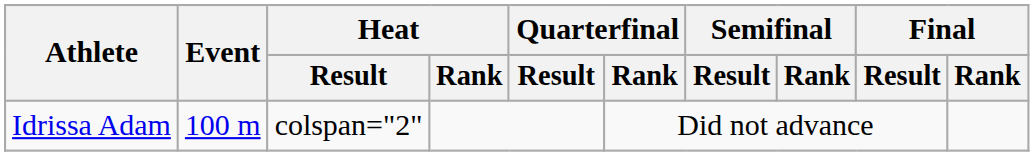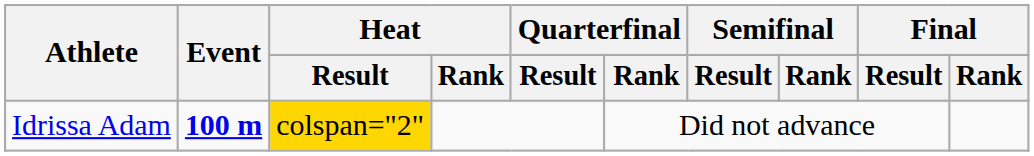 <table class="wikitable" style="font-size:90%">
 <tr>
 <th rowspan="2">Athlete</th>
 <th rowspan="2">Event</th>
 <th colspan="2">Heat</th>
 <th colspan="2">Quarterfinal</th>
 <th colspan="2">Semifinal</th>
 <th colspan="2">Final</th>
 </tr>
 <tr style="font-size:95%">
 <th>Result</th>
 <th>Rank</th>
 <th>Result</th>
 <th>Rank</th>
 <th>Result</th>
 <th>Rank</th>
 <th>Result</th>
 <th>Rank</th>
 </tr>
 <tr align=center>
 <td align=left><a href='#'>Idrissa Adam</a></td>
-<td align=left><a href='#'>100 m</a></td>
-<td>colspan="2" </td>
+<td align=left><strong><a href='#'>100 m</a></strong></td>
+<td style="background: gold;">colspan="2" </td>
 <td colspan=2></td>
 <td colspan=4>Did not advance</td>
 </tr>
 </table>
